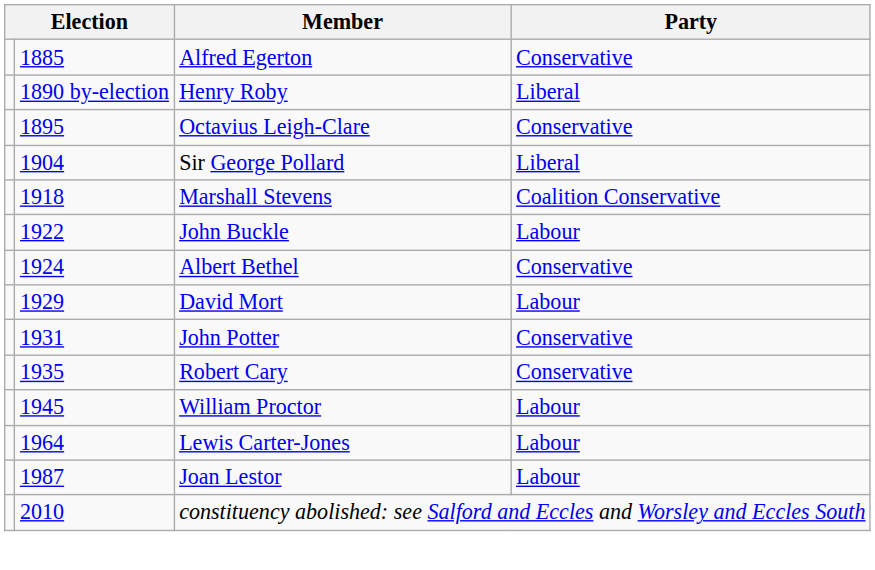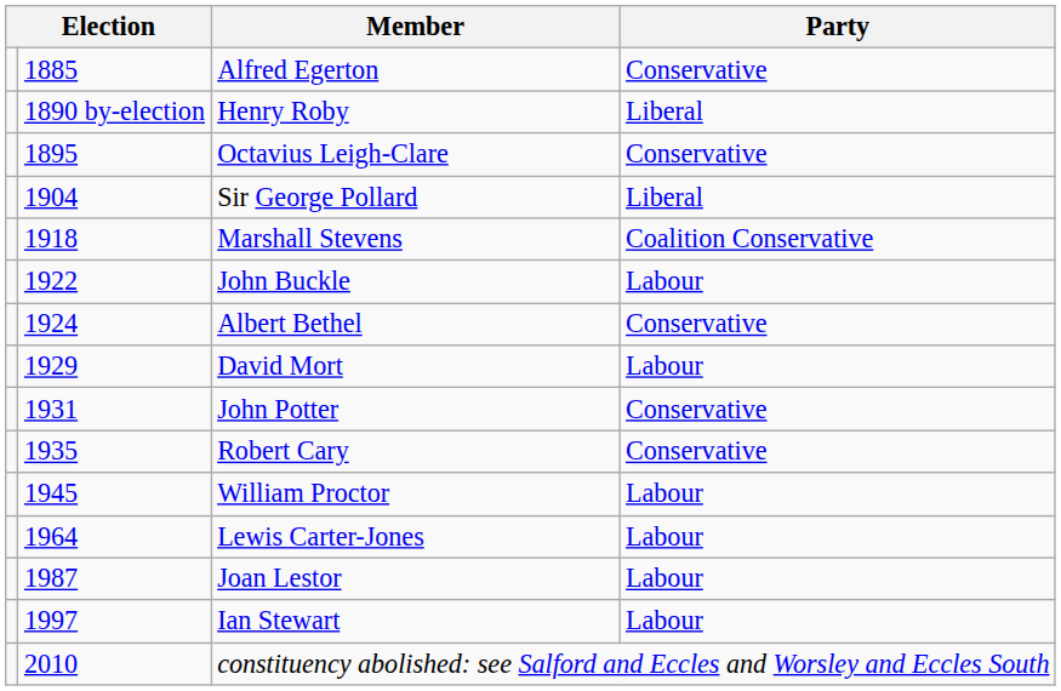 <table class="wikitable">
 <tr>
 <th colspan="2">Election</th>
 <th>Member </th>
 <th>Party</th>
 </tr>
 <tr>
 <td style="color:inherit;background-color: "></td>
 <td><a href='#'>1885</a></td>
 <td><a href='#'>Alfred Egerton</a></td>
 <td><a href='#'>Conservative</a></td>
 </tr>
 <tr>
 <td style="color:inherit;background-color: "></td>
 <td><a href='#'>1890 by-election</a></td>
 <td><a href='#'>Henry Roby</a></td>
 <td><a href='#'>Liberal</a></td>
 </tr>
 <tr>
 <td style="color:inherit;background-color: "></td>
 <td><a href='#'>1895</a></td>
 <td><a href='#'>Octavius Leigh-Clare</a></td>
 <td><a href='#'>Conservative</a></td>
 </tr>
 <tr>
 <td style="color:inherit;background-color: "></td>
 <td><a href='#'>1904</a></td>
 <td>Sir <a href='#'>George Pollard</a></td>
 <td><a href='#'>Liberal</a></td>
 </tr>
 <tr>
 <td style="color:inherit;background-color: "></td>
 <td><a href='#'>1918</a></td>
 <td><a href='#'>Marshall Stevens</a></td>
 <td><a href='#'>Coalition Conservative</a></td>
 </tr>
 <tr>
 <td style="color:inherit;background-color: "></td>
 <td><a href='#'>1922</a></td>
 <td><a href='#'>John Buckle</a></td>
 <td><a href='#'>Labour</a></td>
 </tr>
 <tr>
 <td style="color:inherit;background-color: "></td>
 <td><a href='#'>1924</a></td>
 <td><a href='#'>Albert Bethel</a></td>
 <td><a href='#'>Conservative</a></td>
 </tr>
 <tr>
 <td style="color:inherit;background-color: "></td>
 <td><a href='#'>1929</a></td>
 <td><a href='#'>David Mort</a></td>
 <td><a href='#'>Labour</a></td>
 </tr>
 <tr>
 <td style="color:inherit;background-color: "></td>
 <td><a href='#'>1931</a></td>
 <td><a href='#'>John Potter</a></td>
 <td><a href='#'>Conservative</a></td>
 </tr>
 <tr>
 <td style="color:inherit;background-color: "></td>
 <td><a href='#'>1935</a></td>
 <td><a href='#'>Robert Cary</a> </td>
 <td><a href='#'>Conservative</a></td>
 </tr>
 <tr>
 <td style="color:inherit;background-color: "></td>
 <td><a href='#'>1945</a></td>
 <td><a href='#'>William Proctor</a></td>
 <td><a href='#'>Labour</a></td>
 </tr>
 <tr>
 <td style="color:inherit;background-color: "></td>
 <td><a href='#'>1964</a></td>
 <td><a href='#'>Lewis Carter-Jones</a></td>
 <td><a href='#'>Labour</a></td>
 </tr>
 <tr>
 <td style="color:inherit;background-color: "></td>
 <td><a href='#'>1987</a></td>
 <td><a href='#'>Joan Lestor</a></td>
 <td><a href='#'>Labour</a></td>
 </tr>
 <tr>
+<td style="color:inherit;background-color: "></td>
+<td><a href='#'>1997</a></td>
+<td><a href='#'>Ian Stewart</a></td>
+<td><a href='#'>Labour</a></td>
+</tr>
+<tr>
 <td></td>
 <td><a href='#'>2010</a></td>
 <td colspan="2"><em>constituency abolished: see <a href='#'>Salford and Eccles</a> and <a href='#'>Worsley and Eccles South</a></em></td>
 </tr>
 </table>
